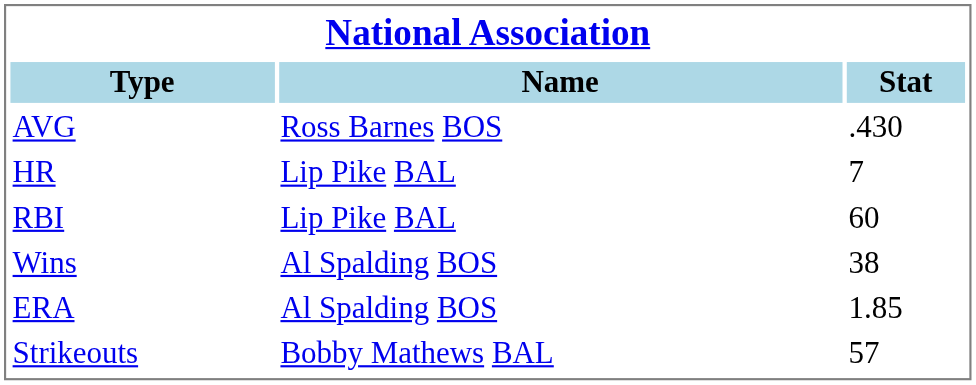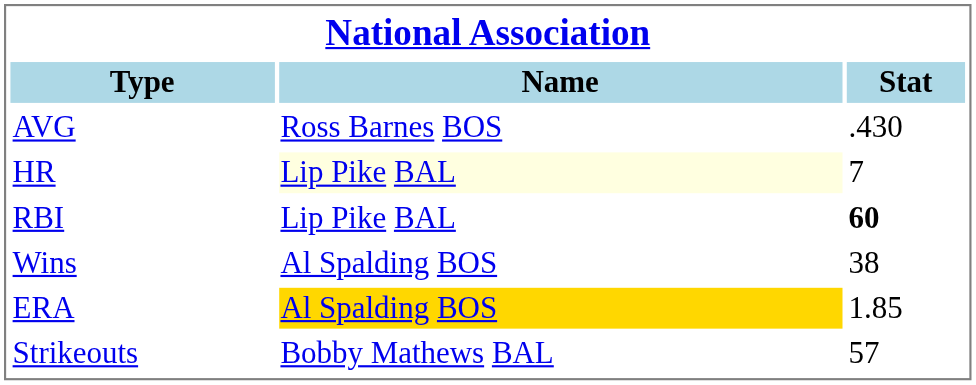 <table cellpadding="1"  style="width:450px; font-size:90%; border:1px solid gray;">
 <tr style="text-align:center; font-size:larger;">
 <td colspan=3><strong><a href='#'>National Association</a></strong></td>
 </tr>
 <tr>
 <th style="background:lightblue;">Type</th>
 <th style="background:lightblue;">Name</th>
 <th style="background:lightblue;">Stat</th>
 </tr>
 <tr>
 <td><a href='#'>AVG</a></td>
 <td><a href='#'>Ross Barnes</a> <a href='#'>BOS</a></td>
 <td>.430</td>
 </tr>
 <tr>
 <td><a href='#'>HR</a></td>
-<td><a href='#'>Lip Pike</a> <a href='#'>BAL</a></td>
+<td style="background: lightyellow;"><a href='#'>Lip Pike</a> <a href='#'>BAL</a></td>
 <td>7</td>
 </tr>
 <tr>
 <td><a href='#'>RBI</a></td>
 <td><a href='#'>Lip Pike</a> <a href='#'>BAL</a></td>
-<td>60</td>
+<td><strong>60</strong></td>
 </tr>
 <tr>
 <td><a href='#'>Wins</a></td>
 <td><a href='#'>Al Spalding</a> <a href='#'>BOS</a></td>
 <td>38</td>
 </tr>
 <tr>
 <td><a href='#'>ERA</a></td>
-<td><a href='#'>Al Spalding</a> <a href='#'>BOS</a></td>
+<td style="background: gold;"><a href='#'>Al Spalding</a> <a href='#'>BOS</a></td>
 <td>1.85</td>
 </tr>
 <tr>
 <td><a href='#'>Strikeouts</a></td>
 <td><a href='#'>Bobby Mathews</a> <a href='#'>BAL</a></td>
 <td>57</td>
 </tr>
 </table>
